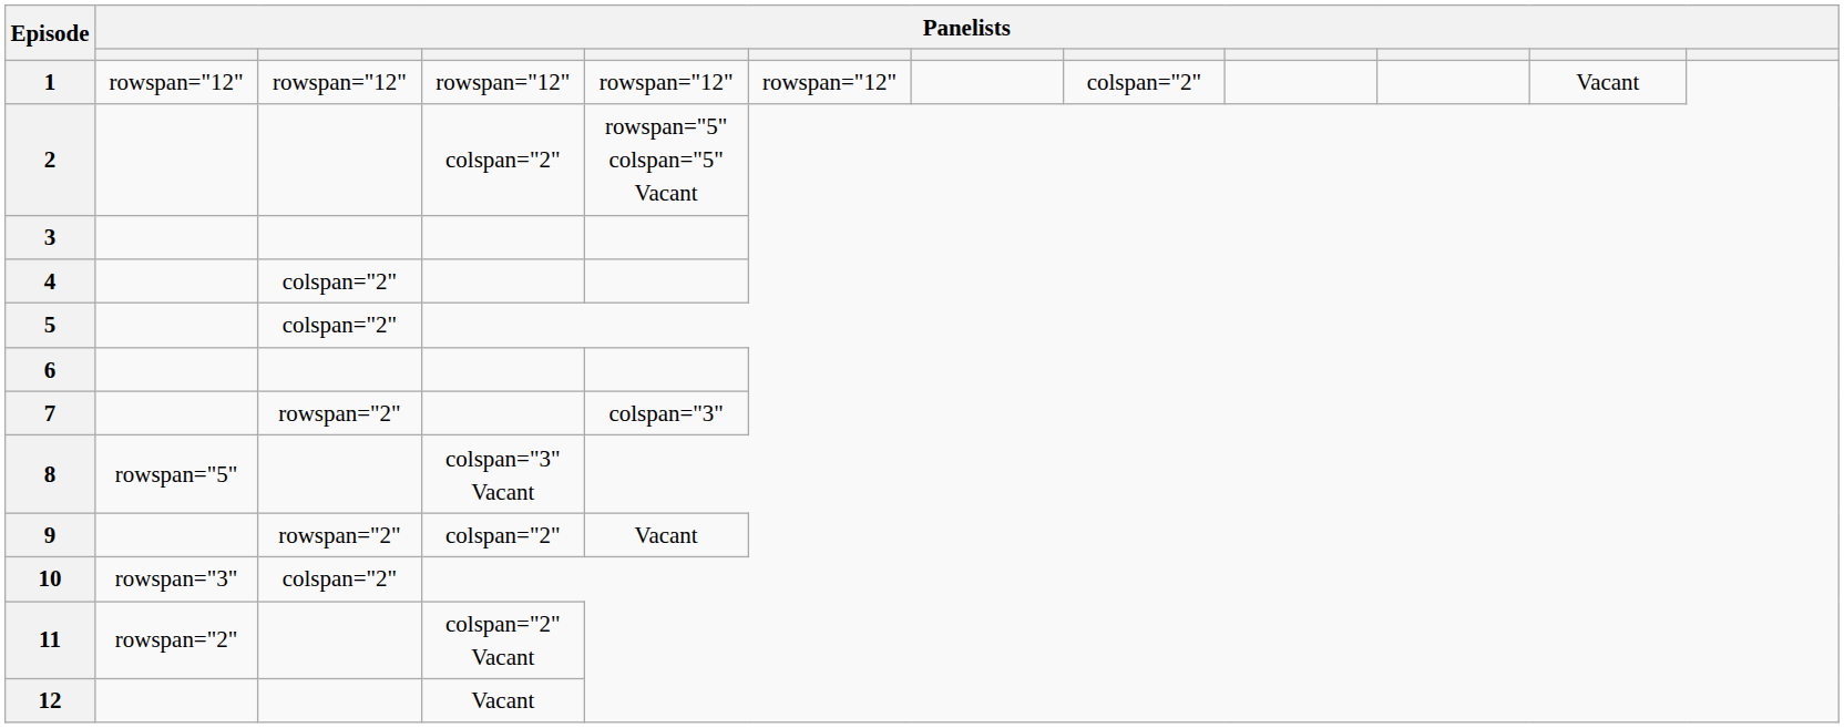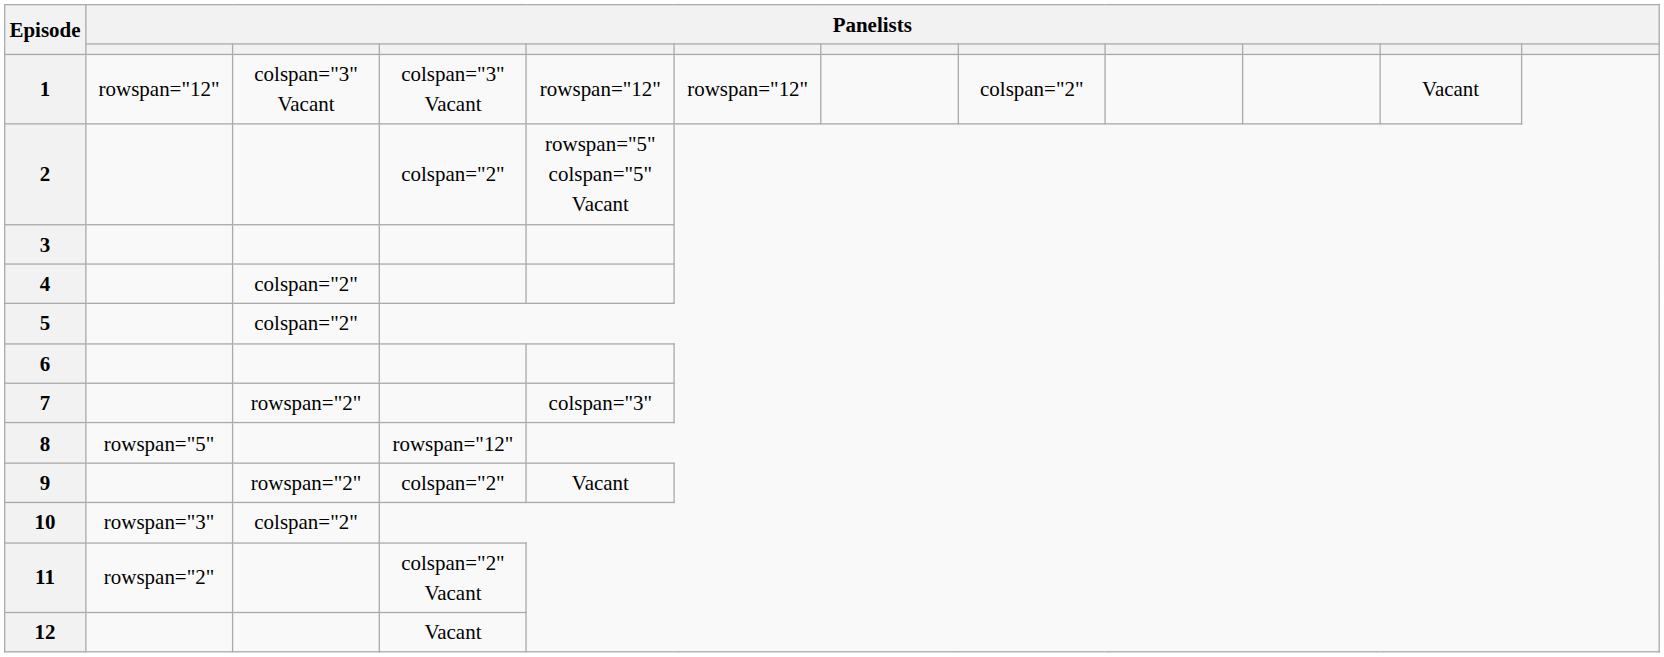 <table class="wikitable plainrowheaders mw-collapsible" style="text-align:center; line-height:23px; width:100%;">
 <tr>
 <th rowspan="2" width="1%">Episode</th>
 <th colspan="11">Panelists</th>
 </tr>
 <tr>
 <th width="9%"></th>
 <th width="9%"></th>
 <th width="9%"></th>
 <th width="9%"></th>
 <th width="9%"></th>
 <th width="9%"></th>
 <th width="9%"></th>
 <th width="9%"></th>
 <th width="9%"></th>
 <th width="9%"></th>
 <th width="9%"></th>
 </tr>
 <tr>
 <th>1</th>
 <td>rowspan="12" </td>
-<td>rowspan="12" </td>
-<td>rowspan="12" </td>
+<td>colspan="3"  Vacant</td>
+<td>colspan="3"  Vacant</td>
 <td>rowspan="12" </td>
 <td>rowspan="12" </td>
 <td></td>
 <td>colspan="2" </td>
 <td></td>
 <td></td>
 <td> Vacant</td>
 </tr>
 <tr>
 <th>2</th>
 <td></td>
 <td></td>
 <td>colspan="2" </td>
 <td>rowspan="5" colspan="5"  Vacant</td>
 </tr>
 <tr>
 <th>3</th>
 <td></td>
 <td></td>
 <td></td>
 <td></td>
 </tr>
 <tr>
 <th>4</th>
 <td></td>
 <td>colspan="2" </td>
 <td></td>
 <td></td>
 </tr>
 <tr>
 <th>5</th>
 <td></td>
 <td>colspan="2" </td>
 </tr>
 <tr>
 <th>6</th>
 <td></td>
 <td></td>
 <td></td>
 <td></td>
 </tr>
 <tr>
 <th>7</th>
 <td></td>
 <td>rowspan="2" </td>
 <td></td>
 <td>colspan="3" </td>
 </tr>
 <tr>
 <th>8</th>
 <td>rowspan="5" </td>
 <td></td>
-<td>colspan="3"  Vacant</td>
+<td>rowspan="12" </td>
 </tr>
 <tr>
 <th>9</th>
 <td></td>
 <td>rowspan="2" </td>
 <td>colspan="2" </td>
 <td> Vacant</td>
 </tr>
 <tr>
 <th>10</th>
 <td>rowspan="3" </td>
 <td>colspan="2" </td>
 </tr>
 <tr>
 <th>11</th>
 <td>rowspan="2" </td>
 <td></td>
 <td>colspan="2"  Vacant</td>
 </tr>
 <tr>
 <th>12</th>
 <td></td>
 <td></td>
 <td> Vacant</td>
 </tr>
 </table>
